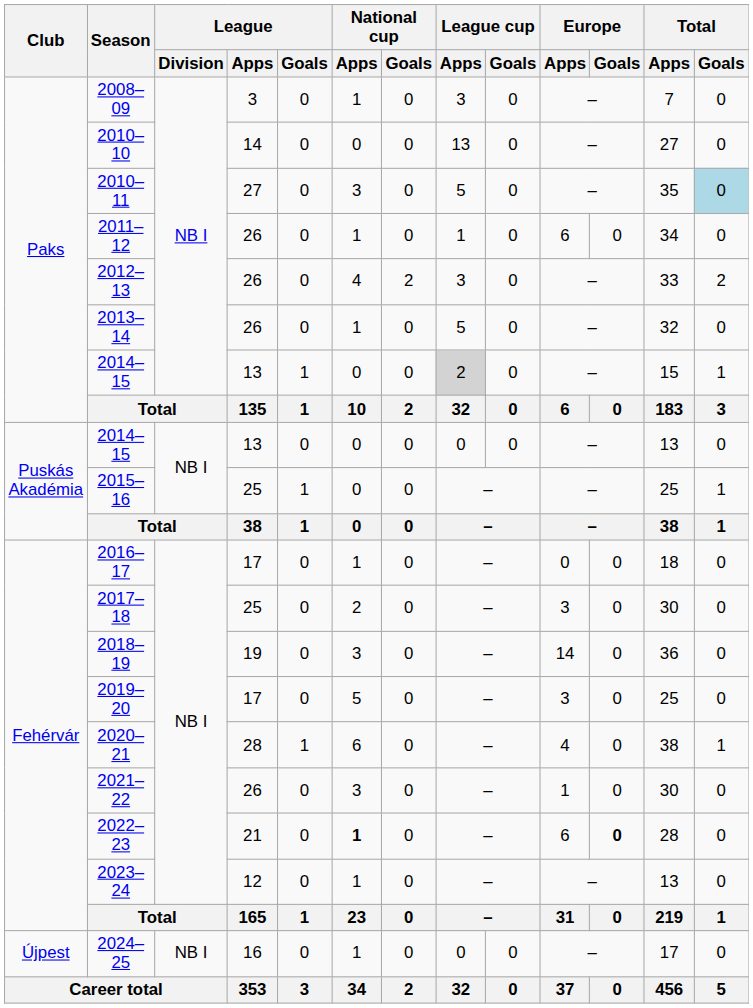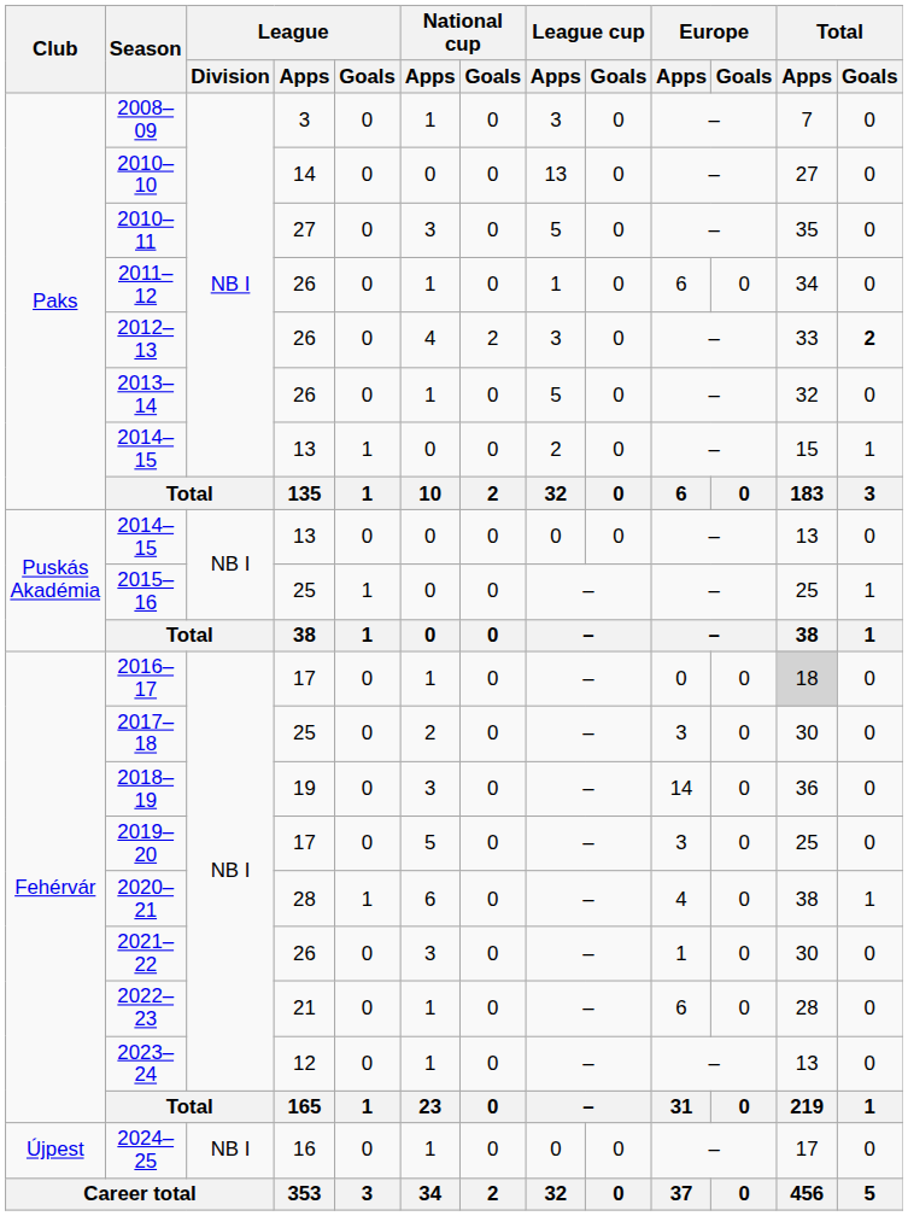 <table class="wikitable" style="text-align:center">
 <tr>
 <th rowspan="2">Club</th>
 <th rowspan="2">Season</th>
 <th colspan="3">League</th>
 <th colspan="2">National cup</th>
 <th colspan="2">League cup</th>
 <th colspan="2">Europe</th>
 <th colspan="2">Total</th>
 </tr>
 <tr>
 <th>Division</th>
 <th>Apps</th>
 <th>Goals</th>
 <th>Apps</th>
 <th>Goals</th>
 <th>Apps</th>
 <th>Goals</th>
 <th>Apps</th>
 <th>Goals</th>
 <th>Apps</th>
 <th>Goals</th>
 </tr>
 <tr>
 <td rowspan="8"><a href='#'>Paks</a></td>
 <td><a href='#'>2008–09</a></td>
 <td rowspan="7"><a href='#'>NB I</a></td>
 <td>3</td>
 <td>0</td>
 <td>1</td>
 <td>0</td>
 <td>3</td>
 <td>0</td>
 <td colspan="2">–</td>
 <td>7</td>
 <td>0</td>
 </tr>
 <tr>
 <td><a href='#'>2010–10</a></td>
 <td>14</td>
 <td>0</td>
 <td>0</td>
 <td>0</td>
 <td>13</td>
 <td>0</td>
 <td colspan="2">–</td>
 <td>27</td>
 <td>0</td>
 </tr>
 <tr>
 <td><a href='#'>2010–11</a></td>
 <td>27</td>
 <td>0</td>
 <td>3</td>
 <td>0</td>
 <td>5</td>
 <td>0</td>
 <td colspan="2">–</td>
 <td>35</td>
-<td style="background: lightblue;">0</td>
+<td>0</td>
 </tr>
 <tr>
 <td><a href='#'>2011–12</a></td>
 <td>26</td>
 <td>0</td>
 <td>1</td>
 <td>0</td>
 <td>1</td>
 <td>0</td>
 <td>6</td>
 <td>0</td>
 <td>34</td>
 <td>0</td>
 </tr>
 <tr>
 <td><a href='#'>2012–13</a></td>
 <td>26</td>
 <td>0</td>
 <td>4</td>
 <td>2</td>
 <td>3</td>
 <td>0</td>
 <td colspan="2">–</td>
 <td>33</td>
-<td>2</td>
+<td><strong>2</strong></td>
 </tr>
 <tr>
 <td><a href='#'>2013–14</a></td>
 <td>26</td>
 <td>0</td>
 <td>1</td>
 <td>0</td>
 <td>5</td>
 <td>0</td>
 <td colspan="2">–</td>
 <td>32</td>
 <td>0</td>
 </tr>
 <tr>
 <td><a href='#'>2014–15</a></td>
 <td>13</td>
 <td>1</td>
 <td>0</td>
 <td>0</td>
-<td style="background: lightgrey;">2</td>
+<td>2</td>
 <td>0</td>
 <td colspan="2">–</td>
 <td>15</td>
 <td>1</td>
 </tr>
 <tr>
 <th colspan="2">Total</th>
 <th>135</th>
 <th>1</th>
 <th>10</th>
 <th>2</th>
 <th>32</th>
 <th>0</th>
 <th>6</th>
 <th>0</th>
 <th>183</th>
 <th>3</th>
 </tr>
 <tr>
 <td rowspan="3"><a href='#'>Puskás Akadémia</a></td>
 <td><a href='#'>2014–15</a></td>
 <td rowspan="2">NB I</td>
 <td>13</td>
 <td>0</td>
 <td>0</td>
 <td>0</td>
 <td>0</td>
 <td>0</td>
 <td colspan="2">–</td>
 <td>13</td>
 <td>0</td>
 </tr>
 <tr>
 <td><a href='#'>2015–16</a></td>
 <td>25</td>
 <td>1</td>
 <td>0</td>
 <td>0</td>
 <td colspan="2">–</td>
 <td colspan="2">–</td>
 <td>25</td>
 <td>1</td>
 </tr>
 <tr>
 <th colspan="2">Total</th>
 <th>38</th>
 <th>1</th>
 <th>0</th>
 <th>0</th>
 <th colspan="2">–</th>
 <th colspan="2">–</th>
 <th>38</th>
 <th>1</th>
 </tr>
 <tr>
 <td rowspan="9"><a href='#'>Fehérvár</a></td>
 <td><a href='#'>2016–17</a></td>
 <td rowspan="8">NB I</td>
 <td>17</td>
 <td>0</td>
 <td>1</td>
 <td>0</td>
 <td colspan="2">–</td>
 <td>0</td>
 <td>0</td>
-<td>18</td>
+<td style="background: lightgrey;">18</td>
 <td>0</td>
 </tr>
 <tr>
 <td><a href='#'>2017–18</a></td>
 <td>25</td>
 <td>0</td>
 <td>2</td>
 <td>0</td>
 <td colspan="2">–</td>
 <td>3</td>
 <td>0</td>
 <td>30</td>
 <td>0</td>
 </tr>
 <tr>
 <td><a href='#'>2018–19</a></td>
 <td>19</td>
 <td>0</td>
 <td>3</td>
 <td>0</td>
 <td colspan="2">–</td>
 <td>14</td>
 <td>0</td>
 <td>36</td>
 <td>0</td>
 </tr>
 <tr>
 <td><a href='#'>2019–20</a></td>
 <td>17</td>
 <td>0</td>
 <td>5</td>
 <td>0</td>
 <td colspan="2">–</td>
 <td>3</td>
 <td>0</td>
 <td>25</td>
 <td>0</td>
 </tr>
 <tr>
 <td><a href='#'>2020–21</a></td>
 <td>28</td>
 <td>1</td>
 <td>6</td>
 <td>0</td>
 <td colspan="2">–</td>
 <td>4</td>
 <td>0</td>
 <td>38</td>
 <td>1</td>
 </tr>
 <tr>
 <td><a href='#'>2021–22</a></td>
 <td>26</td>
 <td>0</td>
 <td>3</td>
 <td>0</td>
 <td colspan="2">–</td>
 <td>1</td>
 <td>0</td>
 <td>30</td>
 <td>0</td>
 </tr>
 <tr>
 <td><a href='#'>2022–23</a></td>
 <td>21</td>
 <td>0</td>
-<td><strong>1</strong></td>
+<td>1</td>
 <td>0</td>
 <td colspan="2">–</td>
 <td>6</td>
-<td><strong>0</strong></td>
+<td>0</td>
 <td>28</td>
 <td>0</td>
 </tr>
 <tr>
 <td><a href='#'>2023–24</a></td>
 <td>12</td>
 <td>0</td>
 <td>1</td>
 <td>0</td>
 <td colspan="2">–</td>
 <td colspan="2">–</td>
 <td>13</td>
 <td>0</td>
 </tr>
 <tr>
 <th colspan="2">Total</th>
 <th>165</th>
 <th>1</th>
 <th>23</th>
 <th>0</th>
 <th colspan="2">–</th>
 <th>31</th>
 <th>0</th>
 <th>219</th>
 <th>1</th>
 </tr>
 <tr>
 <td rowspan="1"><a href='#'>Újpest</a></td>
 <td><a href='#'>2024–25</a></td>
 <td rowspan="1">NB I</td>
 <td>16</td>
 <td>0</td>
 <td>1</td>
 <td>0</td>
 <td>0</td>
 <td>0</td>
 <td colspan="2">–</td>
 <td>17</td>
 <td>0</td>
 </tr>
 <tr>
 <th colspan="3">Career total</th>
 <th>353</th>
 <th>3</th>
 <th>34</th>
 <th>2</th>
 <th>32</th>
 <th>0</th>
 <th>37</th>
 <th>0</th>
 <th>456</th>
 <th>5</th>
 </tr>
 </table>
